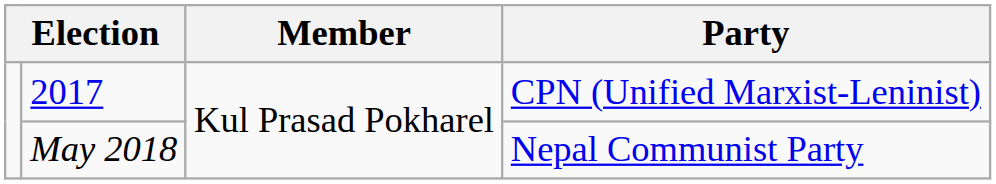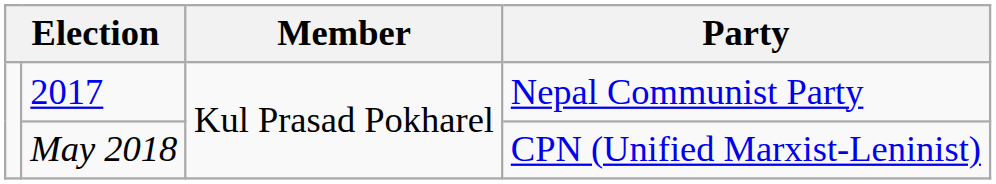 <table class="wikitable">
 <tr>
 <th colspan="2">Election</th>
 <th>Member</th>
 <th>Party</th>
 </tr>
 <tr>
 <td rowspan="2" style="background-color:"></td>
 <td><a href='#'>2017</a></td>
 <td rowspan="2">Kul Prasad Pokharel</td>
-<td><a href='#'>CPN (Unified Marxist-Leninist)</a></td>
+<td><a href='#'>Nepal Communist Party</a></td>
 </tr>
 <tr>
 <td><em>May 2018</em></td>
-<td><a href='#'>Nepal Communist Party</a></td>
+<td><a href='#'>CPN (Unified Marxist-Leninist)</a></td>
 </tr>
 </table>
